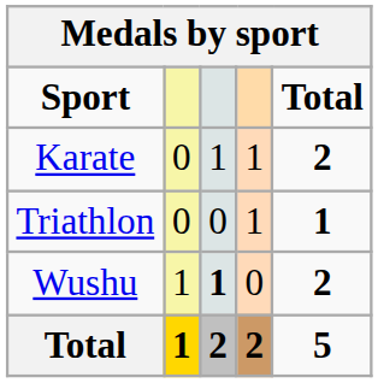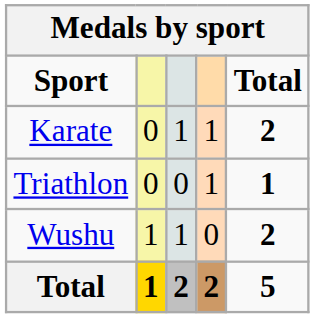 <table class=wikitable style="font-size:85%; float:right;text-align:center">
 <tr bgcolor=EFEFEF>
 <th colspan=7><strong>Medals by sport</strong></th>
 </tr>
 <tr>
 <td><strong>Sport</strong></td>
 <td bgcolor=F7F6A8></td>
 <td bgcolor=DCE5E5></td>
 <td bgcolor=FFDBA9></td>
 <td><strong>Total</strong></td>
 </tr>
 <tr>
 <td><a href='#'>Karate</a></td>
 <td bgcolor=F7F6A8>0</td>
 <td bgcolor=DCE5E5>1</td>
 <td bgcolor=FFDAB9>1</td>
 <td><strong>2</strong></td>
 </tr>
 <tr>
 <td><a href='#'>Triathlon</a></td>
 <td bgcolor=F7F6A8>0</td>
 <td bgcolor=DCE5E5>0</td>
 <td bgcolor=FFDAB9>1</td>
 <td><strong>1</strong></td>
 </tr>
 <tr>
 <td><a href='#'>Wushu</a></td>
 <td bgcolor=F7F6A8>1</td>
-<td bgcolor=DCE5E5><strong>1</strong></td>
+<td bgcolor=DCE5E5>1</td>
 <td bgcolor=FFDAB9>0</td>
 <td><strong>2</strong></td>
 </tr>
 <tr>
 <th><strong>Total</strong></th>
 <td style="background:gold;"><strong>1</strong></td>
 <td style="background:silver;"><strong>2</strong></td>
 <td style="background:#c96;"><strong>2</strong></td>
 <td><strong>5</strong></td>
 </tr>
 </table>
